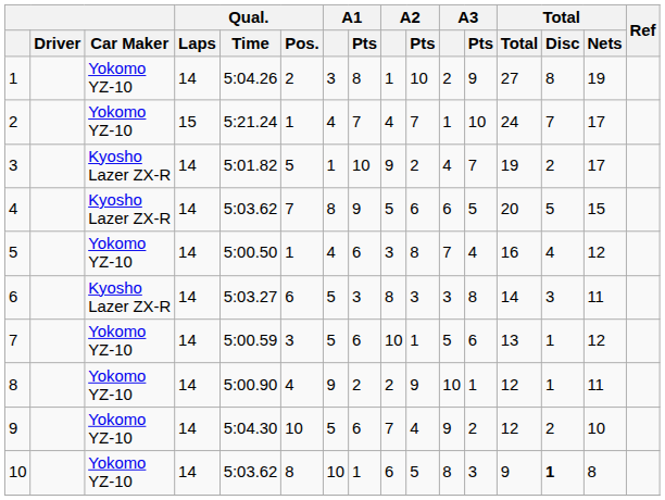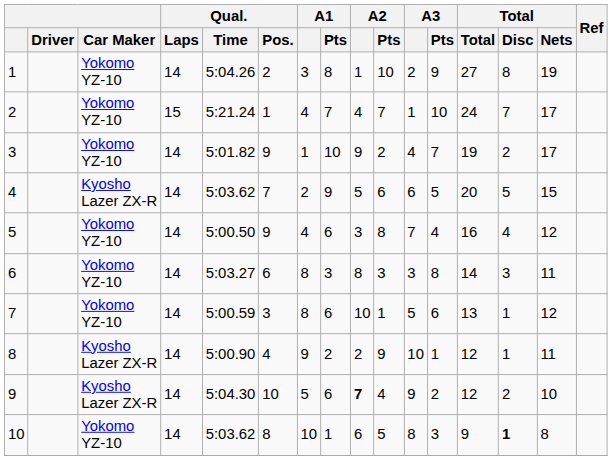 <table class="wikitable sortable">
 <tr>
 <th colspan="3"></th>
 <th colspan="3">Qual.</th>
 <th colspan="2" style="text-align:center;">A1</th>
 <th colspan="2" style="text-align:center;">A2</th>
 <th colspan="2" style="text-align:center;">A3</th>
 <th colspan="3" style="text-align:center;">Total</th>
 <th rowspan="2" style="text-align:center;">Ref</th>
 </tr>
 <tr>
 <th style="text-align:center;"></th>
 <th style="text-align:center;">Driver</th>
 <th style="text-align:center;">Car Maker</th>
 <th style="text-align:center;">Laps</th>
 <th style="text-align:center;">Time</th>
 <th style="text-align:center;">Pos.</th>
 <th style="text-align:center;"></th>
 <th style="text-align:center;">Pts</th>
 <th style="text-align:center;"></th>
 <th style="text-align:center;">Pts</th>
 <th style="text-align:center;"></th>
 <th style="text-align:center;">Pts</th>
 <th style="text-align:center;">Total</th>
 <th style="text-align:center;">Disc</th>
 <th style="text-align:center;">Nets</th>
 </tr>
 <tr>
 <td>1</td>
 <td></td>
 <td><a href='#'>Yokomo</a> <br> YZ-10</td>
 <td>14</td>
 <td>5:04.26</td>
 <td>2</td>
 <td>3</td>
 <td>8</td>
 <td>1</td>
 <td>10</td>
 <td>2</td>
 <td>9</td>
 <td>27</td>
 <td>8</td>
 <td>19</td>
 <td></td>
 </tr>
 <tr>
 <td>2</td>
 <td></td>
 <td><a href='#'>Yokomo</a> <br> YZ-10</td>
 <td>15</td>
 <td>5:21.24</td>
 <td>1</td>
 <td>4</td>
 <td>7</td>
 <td>4</td>
 <td>7</td>
 <td>1</td>
 <td>10</td>
 <td>24</td>
 <td>7</td>
 <td>17</td>
 <td></td>
 </tr>
 <tr>
 <td>3</td>
 <td></td>
-<td><a href='#'>Kyosho</a> <br> Lazer ZX-R</td>
+<td><a href='#'>Yokomo</a> <br> YZ-10</td>
 <td>14</td>
 <td>5:01.82</td>
-<td>5</td>
+<td>9</td>
 <td>1</td>
 <td>10</td>
 <td>9</td>
 <td>2</td>
 <td>4</td>
 <td>7</td>
 <td>19</td>
 <td>2</td>
 <td>17</td>
 <td></td>
 </tr>
 <tr>
 <td>4</td>
 <td></td>
 <td><a href='#'>Kyosho</a> <br> Lazer ZX-R</td>
 <td>14</td>
 <td>5:03.62</td>
 <td>7</td>
-<td>8</td>
+<td>2</td>
 <td>9</td>
 <td>5</td>
 <td>6</td>
 <td>6</td>
 <td>5</td>
 <td>20</td>
 <td>5</td>
 <td>15</td>
 <td></td>
 </tr>
 <tr>
 <td>5</td>
 <td></td>
 <td><a href='#'>Yokomo</a> <br> YZ-10</td>
 <td>14</td>
 <td>5:00.50</td>
-<td>1</td>
+<td>9</td>
 <td>4</td>
 <td>6</td>
 <td>3</td>
 <td>8</td>
 <td>7</td>
 <td>4</td>
 <td>16</td>
 <td>4</td>
 <td>12</td>
 <td></td>
 </tr>
 <tr>
 <td>6</td>
 <td></td>
-<td><a href='#'>Kyosho</a> <br> Lazer ZX-R</td>
+<td><a href='#'>Yokomo</a> <br> YZ-10</td>
 <td>14</td>
 <td>5:03.27</td>
 <td>6</td>
-<td>5</td>
+<td>8</td>
 <td>3</td>
 <td>8</td>
 <td>3</td>
 <td>3</td>
 <td>8</td>
 <td>14</td>
 <td>3</td>
 <td>11</td>
 <td></td>
 </tr>
 <tr>
 <td>7</td>
 <td></td>
 <td><a href='#'>Yokomo</a> <br> YZ-10</td>
 <td>14</td>
 <td>5:00.59</td>
 <td>3</td>
-<td>5</td>
+<td>8</td>
 <td>6</td>
 <td>10</td>
 <td>1</td>
 <td>5</td>
 <td>6</td>
 <td>13</td>
 <td>1</td>
 <td>12</td>
 <td></td>
 </tr>
 <tr>
 <td>8</td>
 <td></td>
-<td><a href='#'>Yokomo</a> <br> YZ-10</td>
+<td><a href='#'>Kyosho</a> <br> Lazer ZX-R</td>
 <td>14</td>
 <td>5:00.90</td>
 <td>4</td>
 <td>9</td>
 <td>2</td>
 <td>2</td>
 <td>9</td>
 <td>10</td>
 <td>1</td>
 <td>12</td>
 <td>1</td>
 <td>11</td>
 <td></td>
 </tr>
 <tr>
 <td>9</td>
 <td></td>
-<td><a href='#'>Yokomo</a> <br> YZ-10</td>
+<td><a href='#'>Kyosho</a> <br> Lazer ZX-R</td>
 <td>14</td>
 <td>5:04.30</td>
 <td>10</td>
 <td>5</td>
 <td>6</td>
-<td>7</td>
+<td><strong>7</strong></td>
 <td>4</td>
 <td>9</td>
 <td>2</td>
 <td>12</td>
 <td>2</td>
 <td>10</td>
 <td></td>
 </tr>
 <tr>
 <td>10</td>
 <td></td>
 <td><a href='#'>Yokomo</a> <br> YZ-10</td>
 <td>14</td>
 <td>5:03.62</td>
 <td>8</td>
 <td>10</td>
 <td>1</td>
 <td>6</td>
 <td>5</td>
 <td>8</td>
 <td>3</td>
 <td>9</td>
 <td><strong>1</strong></td>
 <td>8</td>
 <td></td>
 </tr>
 <tr>
 </tr>
 </table>
